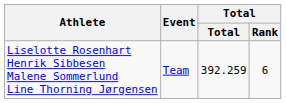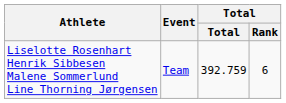 <table class=wikitable style="font-size:90%">
 <tr>
 <th rowspan="2">Athlete</th>
 <th rowspan="2">Event</th>
 <th colspan="2">Total</th>
 </tr>
 <tr>
 <th>Total</th>
 <th>Rank</th>
 </tr>
 <tr>
 <td><a href='#'>Liselotte Rosenhart</a><br> <a href='#'>Henrik Sibbesen</a><br> <a href='#'>Malene Sommerlund</a><br> <a href='#'>Line Thorning Jørgensen</a></td>
 <td><a href='#'>Team</a></td>
-<td align="center">392.259</td>
+<td align="center">392.759</td>
 <td align="center">6</td>
 </tr>
 </table>
